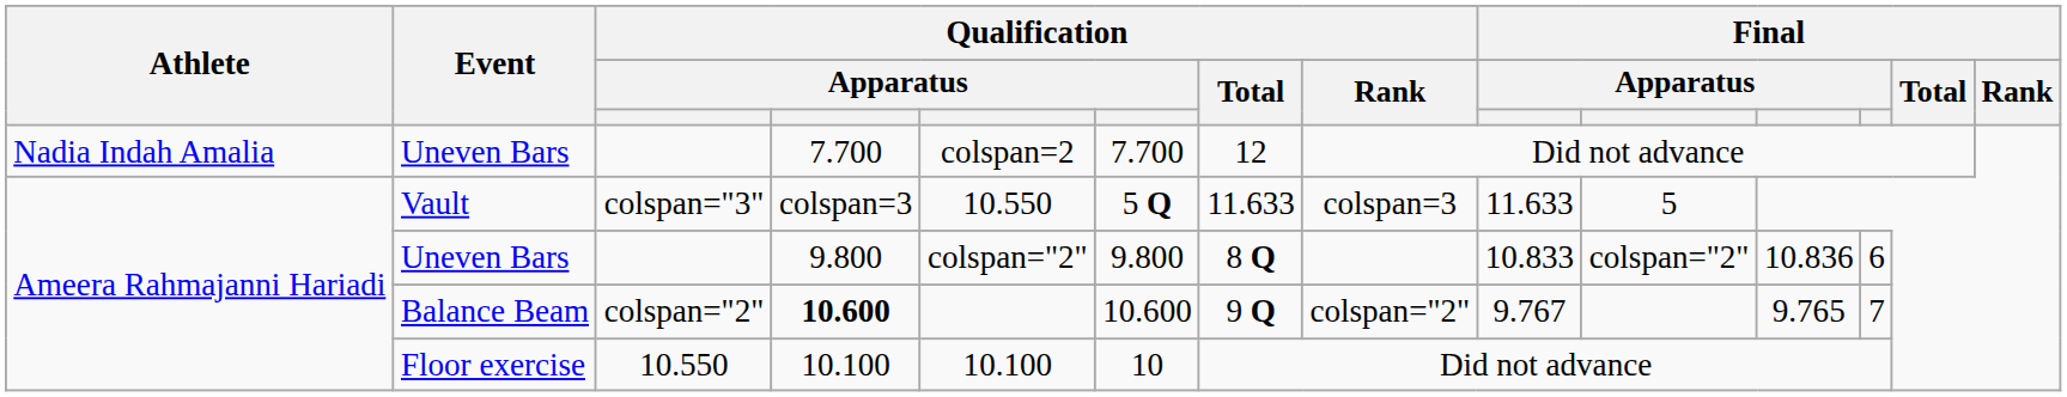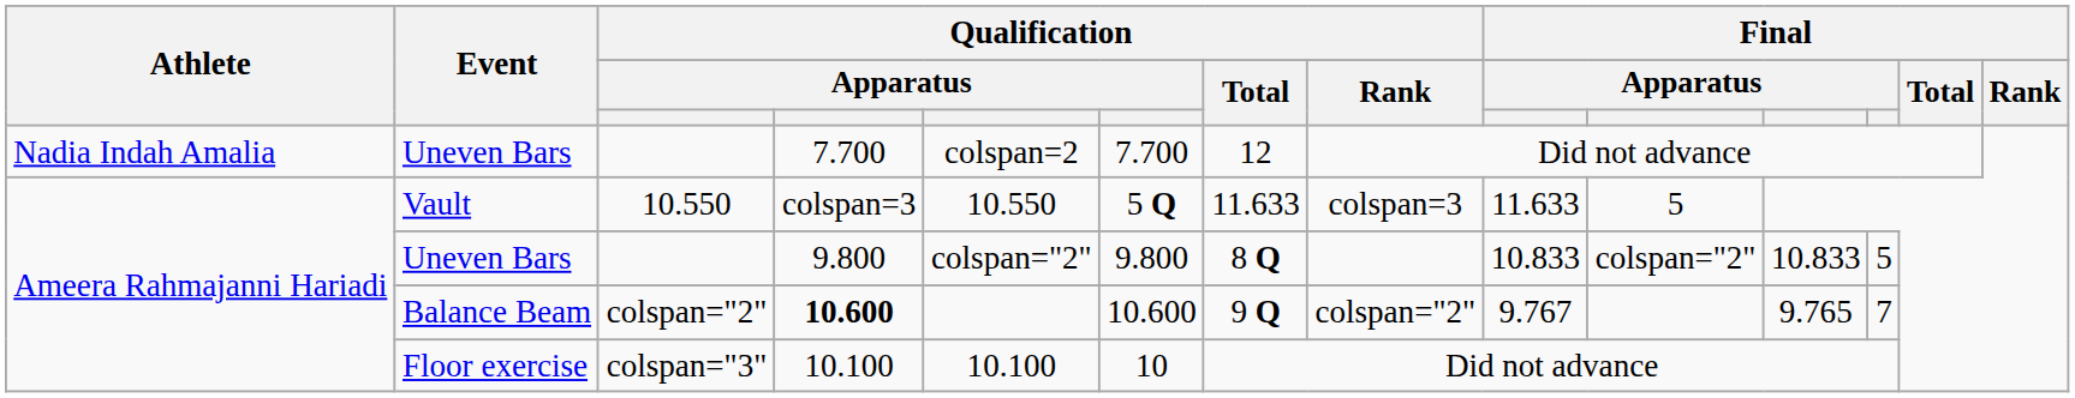 <table class="wikitable" style="text-align:center; font-size:90%">
 <tr>
 <th rowspan=3>Athlete</th>
 <th rowspan=3>Event</th>
 <th colspan=6>Qualification</th>
 <th colspan=6>Final</th>
 </tr>
 <tr style="font-size:95%">
 <th colspan=4>Apparatus</th>
 <th rowspan=2>Total</th>
 <th rowspan=2>Rank</th>
 <th colspan=4>Apparatus</th>
 <th rowspan=2>Total</th>
 <th rowspan=2>Rank</th>
 </tr>
 <tr style="font-size:95%">
 <th></th>
 <th></th>
 <th></th>
 <th></th>
 <th></th>
 <th></th>
 <th></th>
 <th></th>
 </tr>
 <tr>
 <td align=left><a href='#'>Nadia Indah Amalia</a></td>
 <td align=left><a href='#'>Uneven Bars</a></td>
 <td></td>
 <td>7.700</td>
 <td>colspan=2 </td>
 <td>7.700</td>
 <td>12</td>
 <td colspan="6">Did not advance</td>
 </tr>
 <tr>
 <td align=left rowspan=4><a href='#'>Ameera Rahmajanni Hariadi</a></td>
 <td align=left><a href='#'>Vault</a></td>
-<td>colspan="3" </td>
+<td>10.550</td>
 <td>colspan=3 </td>
 <td>10.550</td>
 <td>5 <strong>Q</strong></td>
 <td>11.633</td>
 <td>colspan=3 </td>
 <td>11.633</td>
 <td>5</td>
 </tr>
 <tr>
 <td align=left><a href='#'>Uneven Bars</a></td>
 <td></td>
 <td>9.800</td>
 <td>colspan="2"</td>
 <td>9.800</td>
 <td>8 <strong>Q</strong></td>
 <td></td>
 <td>10.833</td>
 <td>colspan="2"</td>
-<td>10.836</td>
-<td>6</td>
+<td>10.833</td>
+<td>5</td>
 </tr>
 <tr>
 <td align=left><a href='#'>Balance Beam</a></td>
 <td>colspan="2" </td>
 <td><strong>10.600</strong></td>
 <td></td>
 <td>10.600</td>
 <td>9 <strong>Q</strong></td>
 <td>colspan="2" </td>
 <td>9.767</td>
 <td></td>
 <td>9.765</td>
 <td>7</td>
 </tr>
 <tr>
 <td align=left><a href='#'>Floor exercise</a></td>
-<td>10.550</td>
+<td>colspan="3" </td>
 <td>10.100</td>
 <td>10.100</td>
 <td>10</td>
 <td colspan="6">Did not advance</td>
 </tr>
 </table>
